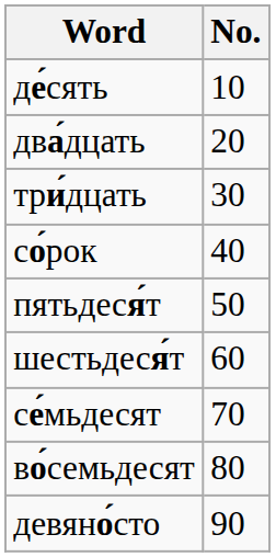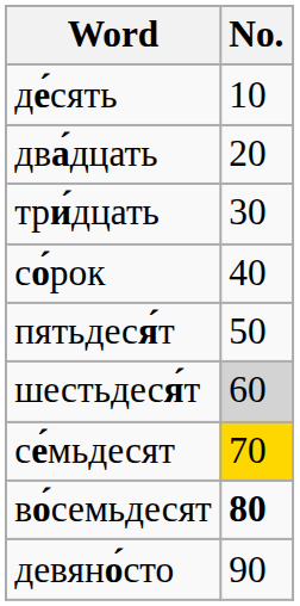 <table class="wikitable">
 <tr>
 <th>Word</th>
 <th>No.</th>
 </tr>
 <tr>
 <td>д<strong>е́</strong>сять</td>
 <td>10</td>
 </tr>
 <tr>
 <td>дв<strong>а́</strong>дцать</td>
 <td>20</td>
 </tr>
 <tr>
 <td>тр<strong>и́</strong>дцать</td>
 <td>30</td>
 </tr>
 <tr>
 <td>с<strong>о́</strong>рок</td>
 <td>40</td>
 </tr>
 <tr>
 <td>пятьдес<strong>я́</strong>т</td>
 <td>50</td>
 </tr>
 <tr>
 <td>шестьдес<strong>я́</strong>т</td>
-<td>60</td>
+<td style="background: lightgrey;">60</td>
 </tr>
 <tr>
 <td>с<strong>е́</strong>мьдесят</td>
-<td>70</td>
+<td style="background: gold;">70</td>
 </tr>
 <tr>
 <td>в<strong>о́</strong>семьдесят</td>
-<td>80</td>
+<td><strong>80</strong></td>
 </tr>
 <tr>
 <td>девян<strong>о́</strong>сто</td>
 <td>90</td>
 </tr>
 </table>
